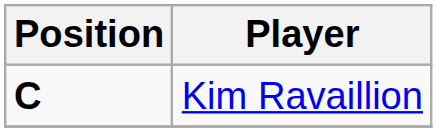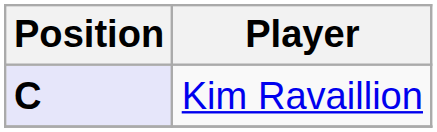 <table class="wikitable collapsible">
 <tr>
 <th>Position</th>
 <th>Player</th>
 </tr>
 <tr>
-<td><strong>C</strong></td>
+<td style="background: lavender;"><strong>C</strong></td>
 <td> <a href='#'>Kim Ravaillion</a></td>
 </tr>
 <tr>
 </tr>
 </table>
